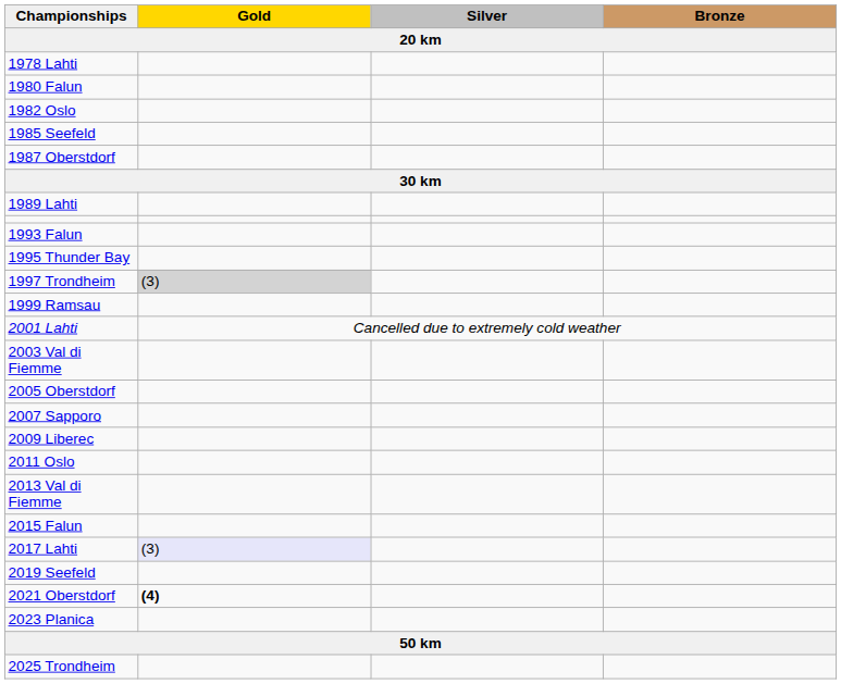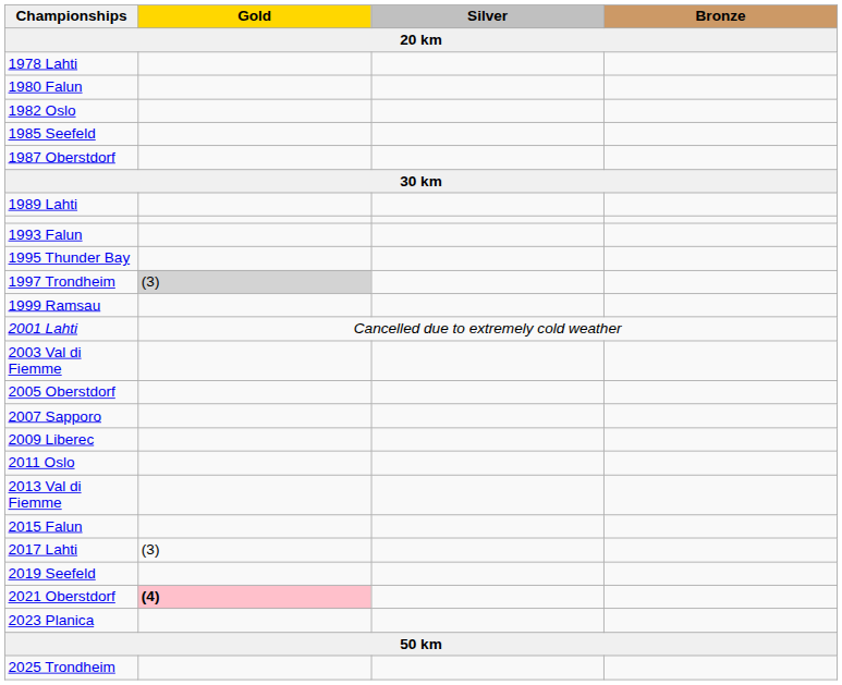 <table class="wikitable sortable" style="width:900px;">
 <tr>
 <th style="width:16%; background:#efefef;">Championships</th>
 <th style="width:28%; background:gold">Gold</th>
 <th style="width:28%; background:silver">Silver</th>
 <th style="width:28%; background:#CC9966">Bronze</th>
 </tr>
 <tr>
 <td colspan=4 align=center bgcolor=F0F0F0><strong>20 km</strong></td>
 </tr>
 <tr>
 <td><a href='#'>1978 Lahti</a></td>
 <td></td>
 <td></td>
 <td></td>
 </tr>
 <tr>
 <td><a href='#'>1980 Falun</a></td>
 <td></td>
 <td></td>
 <td></td>
 </tr>
 <tr>
 <td><a href='#'>1982 Oslo</a></td>
 <td></td>
 <td></td>
 <td></td>
 </tr>
 <tr>
 <td><a href='#'>1985 Seefeld</a></td>
 <td></td>
 <td></td>
 <td></td>
 </tr>
 <tr>
 <td><a href='#'>1987 Oberstdorf</a></td>
 <td></td>
 <td></td>
 <td></td>
 </tr>
 <tr>
 <td colspan=4 align=center bgcolor=F0F0F0><strong>30 km</strong></td>
 </tr>
 <tr>
 <td><a href='#'>1989 Lahti</a></td>
 <td></td>
 <td></td>
 <td></td>
 </tr>
 <tr>
 <td><a href='#'></a></td>
 <td></td>
 <td></td>
 <td></td>
 </tr>
 <tr>
 <td><a href='#'>1993 Falun</a></td>
 <td></td>
 <td></td>
 <td></td>
 </tr>
 <tr>
 <td><a href='#'>1995 Thunder Bay</a></td>
 <td></td>
 <td></td>
 <td></td>
 </tr>
 <tr>
 <td><a href='#'>1997 Trondheim</a></td>
 <td style="background: lightgrey;"> (3)</td>
 <td></td>
 <td></td>
 </tr>
 <tr>
 <td><a href='#'>1999 Ramsau</a></td>
 <td></td>
 <td></td>
 <td></td>
 </tr>
 <tr>
 <td><em><a href='#'>2001 Lahti</a></em></td>
 <td colspan=3 align=center><em>Cancelled due to extremely cold weather</em></td>
 </tr>
 <tr>
 <td><a href='#'>2003 Val di Fiemme</a></td>
 <td></td>
 <td></td>
 <td></td>
 </tr>
 <tr>
 <td><a href='#'>2005 Oberstdorf</a></td>
 <td></td>
 <td></td>
 <td></td>
 </tr>
 <tr>
 <td><a href='#'>2007 Sapporo</a></td>
 <td></td>
 <td></td>
 <td></td>
 </tr>
 <tr>
 <td><a href='#'>2009 Liberec</a></td>
 <td></td>
 <td></td>
 <td></td>
 </tr>
 <tr>
 <td><a href='#'>2011 Oslo</a></td>
 <td></td>
 <td></td>
 <td></td>
 </tr>
 <tr>
 <td><a href='#'>2013 Val di Fiemme</a></td>
 <td></td>
 <td></td>
 <td></td>
 </tr>
 <tr>
 <td><a href='#'>2015 Falun</a></td>
 <td></td>
 <td></td>
 <td></td>
 </tr>
 <tr>
 <td><a href='#'>2017 Lahti</a></td>
-<td style="background: lavender;"> (3)</td>
+<td> (3)</td>
 <td></td>
 <td></td>
 </tr>
 <tr>
 <td><a href='#'>2019 Seefeld</a></td>
 <td></td>
 <td></td>
 <td></td>
 </tr>
 <tr>
 <td><a href='#'>2021 Oberstdorf</a></td>
-<td> <strong>(4)</strong></td>
+<td style="background: pink;"> <strong>(4)</strong></td>
 <td></td>
 <td></td>
 </tr>
 <tr>
 <td><a href='#'>2023 Planica</a></td>
 <td></td>
 <td></td>
 <td></td>
 </tr>
 <tr>
 <td colspan=4 align=center bgcolor=F0F0F0><strong>50 km</strong></td>
 </tr>
 <tr>
 <td><a href='#'>2025 Trondheim</a></td>
 <td></td>
 <td></td>
 <td></td>
 </tr>
 </table>
